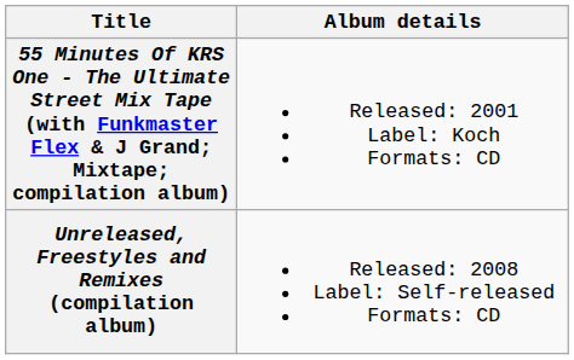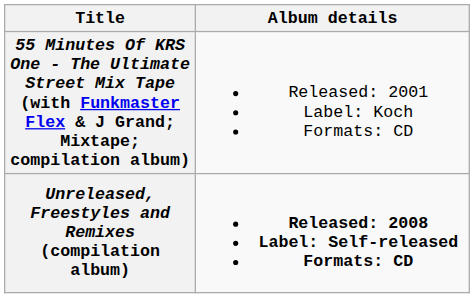 <table class="wikitable plainrowheaders" style="text-align:center;">
 <tr>
 <th scope="col" rowspan="1" style="width:11em;">Title</th>
 <th scope="col" rowspan="1" style="width:16em;">Album details</th>
 </tr>
 <tr>
 <th scope="row"><em>55 Minutes Of KRS One - The Ultimate Street Mix Tape</em><br><span>(with <a href='#'>Funkmaster Flex</a> & J Grand; Mixtape; compilation album)</span></th>
 <td><br><ul><li>Released: 2001</li><li>Label: Koch</li><li>Formats: CD</li></ul></td>
 </tr>
 <tr>
 <th scope="row"><em>Unreleased, Freestyles and Remixes</em><br><span>(compilation album)</span></th>
-<td><br><ul><li>Released: 2008</li><li>Label: Self-released</li><li>Formats: CD</li></ul></td>
+<td><strong><br><ul><li>Released: 2008</li><li>Label: Self-released</li><li>Formats: CD</li></ul></strong></td>
 </tr>
 </table>
